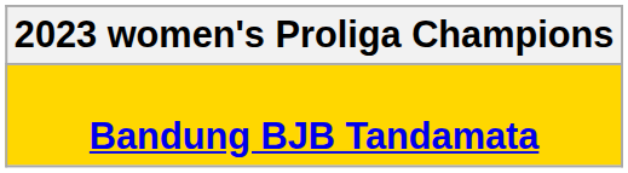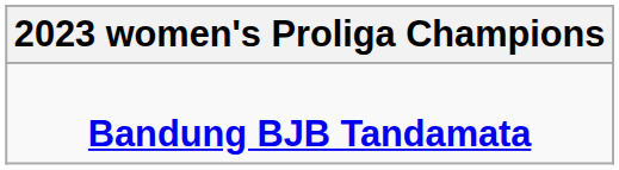 <table class=wikitable style="text-align:center; margin:auto">
 <tr>
 <th>2023 women's Proliga Champions</th>
 </tr>
 <tr>
-<td style="background: gold;"><br><strong><a href='#'>Bandung BJB Tandamata</a></strong></td>
+<td><br><strong><a href='#'>Bandung BJB Tandamata</a></strong></td>
 </tr>
 </table>
